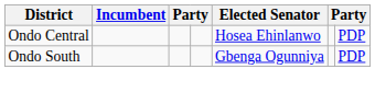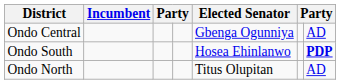 <table class="sortable wikitable" style="font-size:95%;line-height:14px;">
 <tr>
 <th class="unsortable">District</th>
 <th class="unsortable"><a href='#'>Incumbent</a></th>
 <th colspan="2">Party</th>
 <th class="unsortable">Elected Senator</th>
 <th colspan="2">Party</th>
 </tr>
 <tr>
 <td>Ondo Central</td>
 <td></td>
 <td></td>
 <td></td>
-<td><a href='#'>Hosea Ehinlanwo</a></td>
+<td><a href='#'>Gbenga Ogunniya</a></td>
 <td style="background:"></td>
-<td><a href='#'>PDP</a></td>
+<td><a href='#'>AD</a></td>
 </tr>
 <tr>
 <td>Ondo South</td>
 <td></td>
 <td></td>
 <td></td>
-<td><a href='#'>Gbenga Ogunniya</a></td>
+<td><a href='#'>Hosea Ehinlanwo</a></td>
 <td style="background:"></td>
-<td><a href='#'>PDP</a></td>
+<td><strong><a href='#'>PDP</a></strong></td>
+</tr>
+<tr>
+<td>Ondo North</td>
+<td></td>
+<td></td>
+<td></td>
+<td>Titus Olupitan</td>
+<td style="background:"></td>
+<td><a href='#'>AD</a></td>
 </tr>
 </table>
